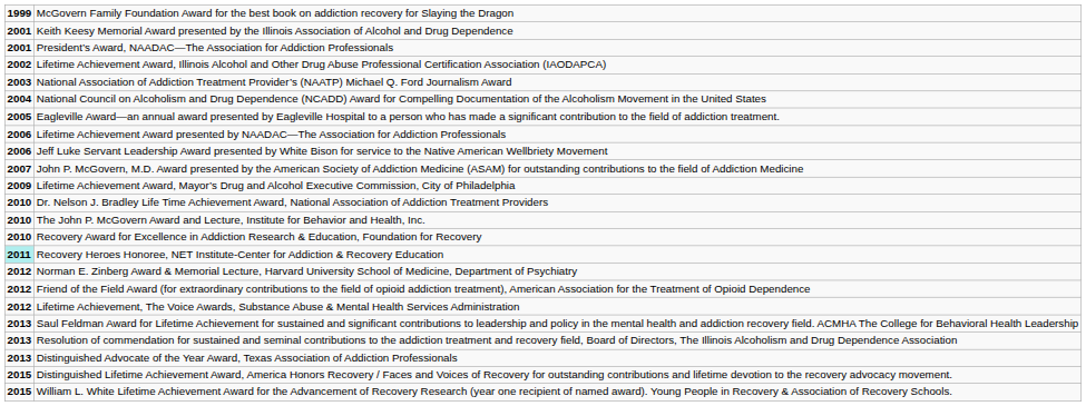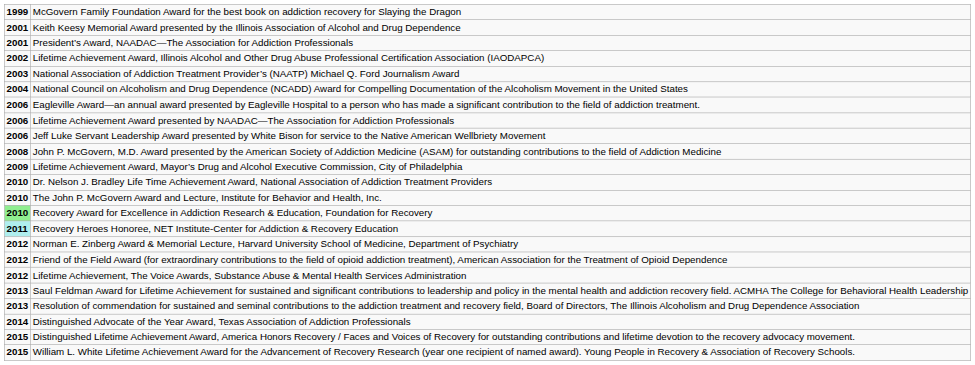 <table class="wikitable">
 <tr>
 <td><strong>1999</strong></td>
 <td>McGovern Family Foundation Award for the best book on addiction recovery for Slaying the Dragon</td>
 </tr>
 <tr>
 <td><strong>2001</strong></td>
 <td>Keith Keesy Memorial Award presented by the Illinois Association of Alcohol and Drug Dependence</td>
 </tr>
 <tr>
 <td><strong>2001</strong></td>
 <td>President’s Award, NAADAC—The Association for Addiction Professionals</td>
 </tr>
 <tr>
 <td><strong>2002</strong></td>
 <td>Lifetime Achievement Award, Illinois Alcohol and Other Drug Abuse Professional Certification Association (IAODAPCA)</td>
 </tr>
 <tr>
 <td><strong>2003</strong></td>
 <td>National Association of Addiction Treatment Provider’s (NAATP) Michael Q. Ford Journalism Award</td>
 </tr>
 <tr>
 <td><strong>2004</strong></td>
 <td>National Council on Alcoholism and Drug Dependence (NCADD) Award for Compelling Documentation of the Alcoholism Movement in the United States</td>
 </tr>
 <tr>
-<td><strong>2005</strong></td>
+<td><strong>2006</strong></td>
 <td>Eagleville Award—an annual award presented by Eagleville Hospital to a person who has made a significant contribution to the field of addiction treatment.</td>
 </tr>
 <tr>
 <td><strong>2006</strong></td>
 <td>Lifetime Achievement Award presented by NAADAC—The Association for Addiction Professionals</td>
 </tr>
 <tr>
 <td><strong>2006</strong></td>
 <td>Jeff Luke Servant Leadership Award presented by White Bison for service to the Native American Wellbriety Movement</td>
 </tr>
 <tr>
-<td><strong>2007</strong></td>
+<td><strong>2008</strong></td>
 <td>John P. McGovern, M.D. Award presented by the American Society of Addiction Medicine (ASAM) for outstanding contributions to the field of Addiction Medicine</td>
 </tr>
 <tr>
 <td><strong>2009</strong></td>
 <td>Lifetime Achievement Award, Mayor’s Drug and Alcohol Executive Commission, City of Philadelphia</td>
 </tr>
 <tr>
 <td><strong>2010</strong></td>
 <td>Dr. Nelson J. Bradley Life Time Achievement Award, National Association of Addiction Treatment Providers</td>
 </tr>
 <tr>
 <td><strong>2010</strong></td>
 <td>The John P. McGovern Award and Lecture, Institute for Behavior and Health, Inc.</td>
 </tr>
 <tr>
-<td><strong>2010</strong></td>
+<td style="background: lightgreen;"><strong>2010</strong></td>
 <td>Recovery Award for Excellence in Addiction Research & Education, Foundation for Recovery</td>
 </tr>
 <tr>
 <td style="background: paleturquoise;"><strong>2011</strong></td>
 <td>Recovery Heroes Honoree, NET Institute-Center for Addiction & Recovery Education</td>
 </tr>
 <tr>
 <td><strong>2012</strong></td>
 <td>Norman E. Zinberg Award & Memorial Lecture, Harvard University School of Medicine, Department of Psychiatry</td>
 </tr>
 <tr>
 <td><strong>2012</strong></td>
 <td>Friend of the Field Award (for extraordinary contributions to the field of opioid addiction treatment), American Association for the Treatment of Opioid Dependence</td>
 </tr>
 <tr>
 <td><strong>2012</strong></td>
 <td>Lifetime Achievement, The Voice Awards, Substance Abuse & Mental Health Services Administration</td>
 </tr>
 <tr>
 <td><strong>2013</strong></td>
 <td>Saul Feldman Award for Lifetime Achievement for sustained and significant contributions to leadership and policy in the mental health and addiction recovery field. ACMHA The College for Behavioral Health Leadership</td>
 </tr>
 <tr>
 <td><strong>2013</strong></td>
 <td>Resolution of commendation for sustained and seminal contributions to the addiction treatment and recovery field, Board of Directors, The Illinois Alcoholism and Drug Dependence Association</td>
 </tr>
 <tr>
-<td><strong>2013</strong></td>
+<td><strong>2014</strong></td>
 <td>Distinguished Advocate of the Year Award, Texas Association of Addiction Professionals</td>
 </tr>
 <tr>
 <td><strong>2015</strong></td>
 <td>Distinguished Lifetime Achievement Award, America Honors Recovery / Faces and Voices of Recovery for outstanding contributions and lifetime devotion to the recovery advocacy movement.</td>
 </tr>
 <tr>
 <td><strong>2015</strong></td>
 <td>William L. White Lifetime Achievement Award for the Advancement of Recovery Research (year one recipient of named award). Young People in Recovery & Association of Recovery Schools.</td>
 </tr>
 </table>
